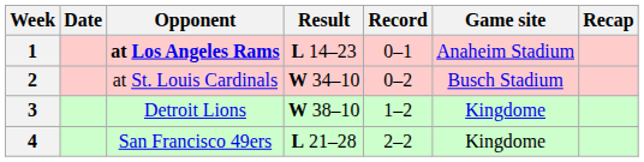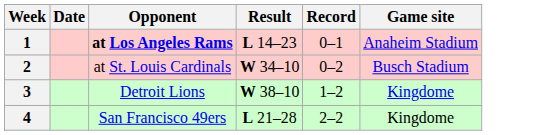 <table class="wikitable" style="text-align:center">
 <tr>
 <th>Week</th>
 <th>Date</th>
 <th>Opponent</th>
 <th>Result</th>
 <th>Record</th>
 <th>Game site</th>
-<th>Recap</th>
 </tr>
 <tr style="background:#fcc">
 <th>1</th>
 <td></td>
 <td><strong>at <a href='#'>Los Angeles Rams</a></strong></td>
 <td><strong>L</strong> 14–23</td>
 <td>0–1</td>
 <td><a href='#'>Anaheim Stadium</a></td>
-<td></td>
 </tr>
 <tr style="background:#fcc">
 <th>2</th>
 <td></td>
 <td>at <a href='#'>St. Louis Cardinals</a></td>
 <td><strong>W</strong> 34–10</td>
 <td>0–2</td>
 <td><a href='#'>Busch Stadium</a></td>
-<td></td>
 </tr>
 <tr style="background:#cfc">
 <th>3</th>
 <td></td>
 <td><a href='#'>Detroit Lions</a></td>
 <td><strong>W</strong> 38–10</td>
 <td>1–2</td>
 <td><a href='#'>Kingdome</a></td>
-<td></td>
 </tr>
 <tr style="background:#cfc">
 <th>4</th>
 <td></td>
 <td><a href='#'>San Francisco 49ers</a></td>
 <td><strong>L</strong> 21–28</td>
 <td>2–2</td>
 <td>Kingdome</td>
-<td></td>
 </tr>
 </table>
